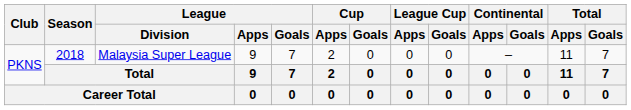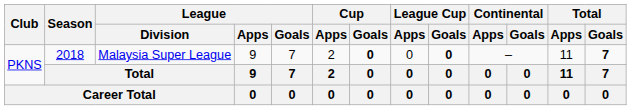 <table class=wikitable style="text-align:center">
 <tr>
 <th rowspan=2>Club</th>
 <th rowspan=2>Season</th>
 <th colspan=3>League</th>
 <th colspan=2>Cup</th>
 <th colspan=2>League Cup</th>
 <th colspan=2>Continental</th>
 <th colspan=2>Total</th>
 </tr>
 <tr>
 <th>Division</th>
 <th>Apps</th>
 <th>Goals</th>
 <th>Apps</th>
 <th>Goals</th>
 <th>Apps</th>
 <th>Goals</th>
 <th>Apps</th>
 <th>Goals</th>
 <th>Apps</th>
 <th>Goals</th>
 </tr>
 <tr>
 <td rowspan=2><a href='#'>PKNS</a></td>
 <td><a href='#'>2018</a></td>
 <td><a href='#'>Malaysia Super League</a></td>
 <td>9</td>
 <td>7</td>
 <td>2</td>
+<td><strong>0</strong></td>
 <td>0</td>
-<td>0</td>
-<td>0</td>
+<td><strong>0</strong></td>
 <td colspan=2>–</td>
 <td>11</td>
-<td>7</td>
+<td><strong>7</strong></td>
 </tr>
 <tr>
 <th colspan="2">Total</th>
 <th>9</th>
 <th>7</th>
 <th>2</th>
 <th>0</th>
 <th>0</th>
 <th>0</th>
 <th>0</th>
 <th>0</th>
 <th>11</th>
 <th>7</th>
 </tr>
 <tr>
 <th colspan="3">Career Total</th>
 <th>0</th>
 <th>0</th>
 <th>0</th>
 <th>0</th>
 <th>0</th>
 <th>0</th>
 <th>0</th>
 <th>0</th>
 <th>0</th>
 <th>0</th>
 </tr>
 </table>
